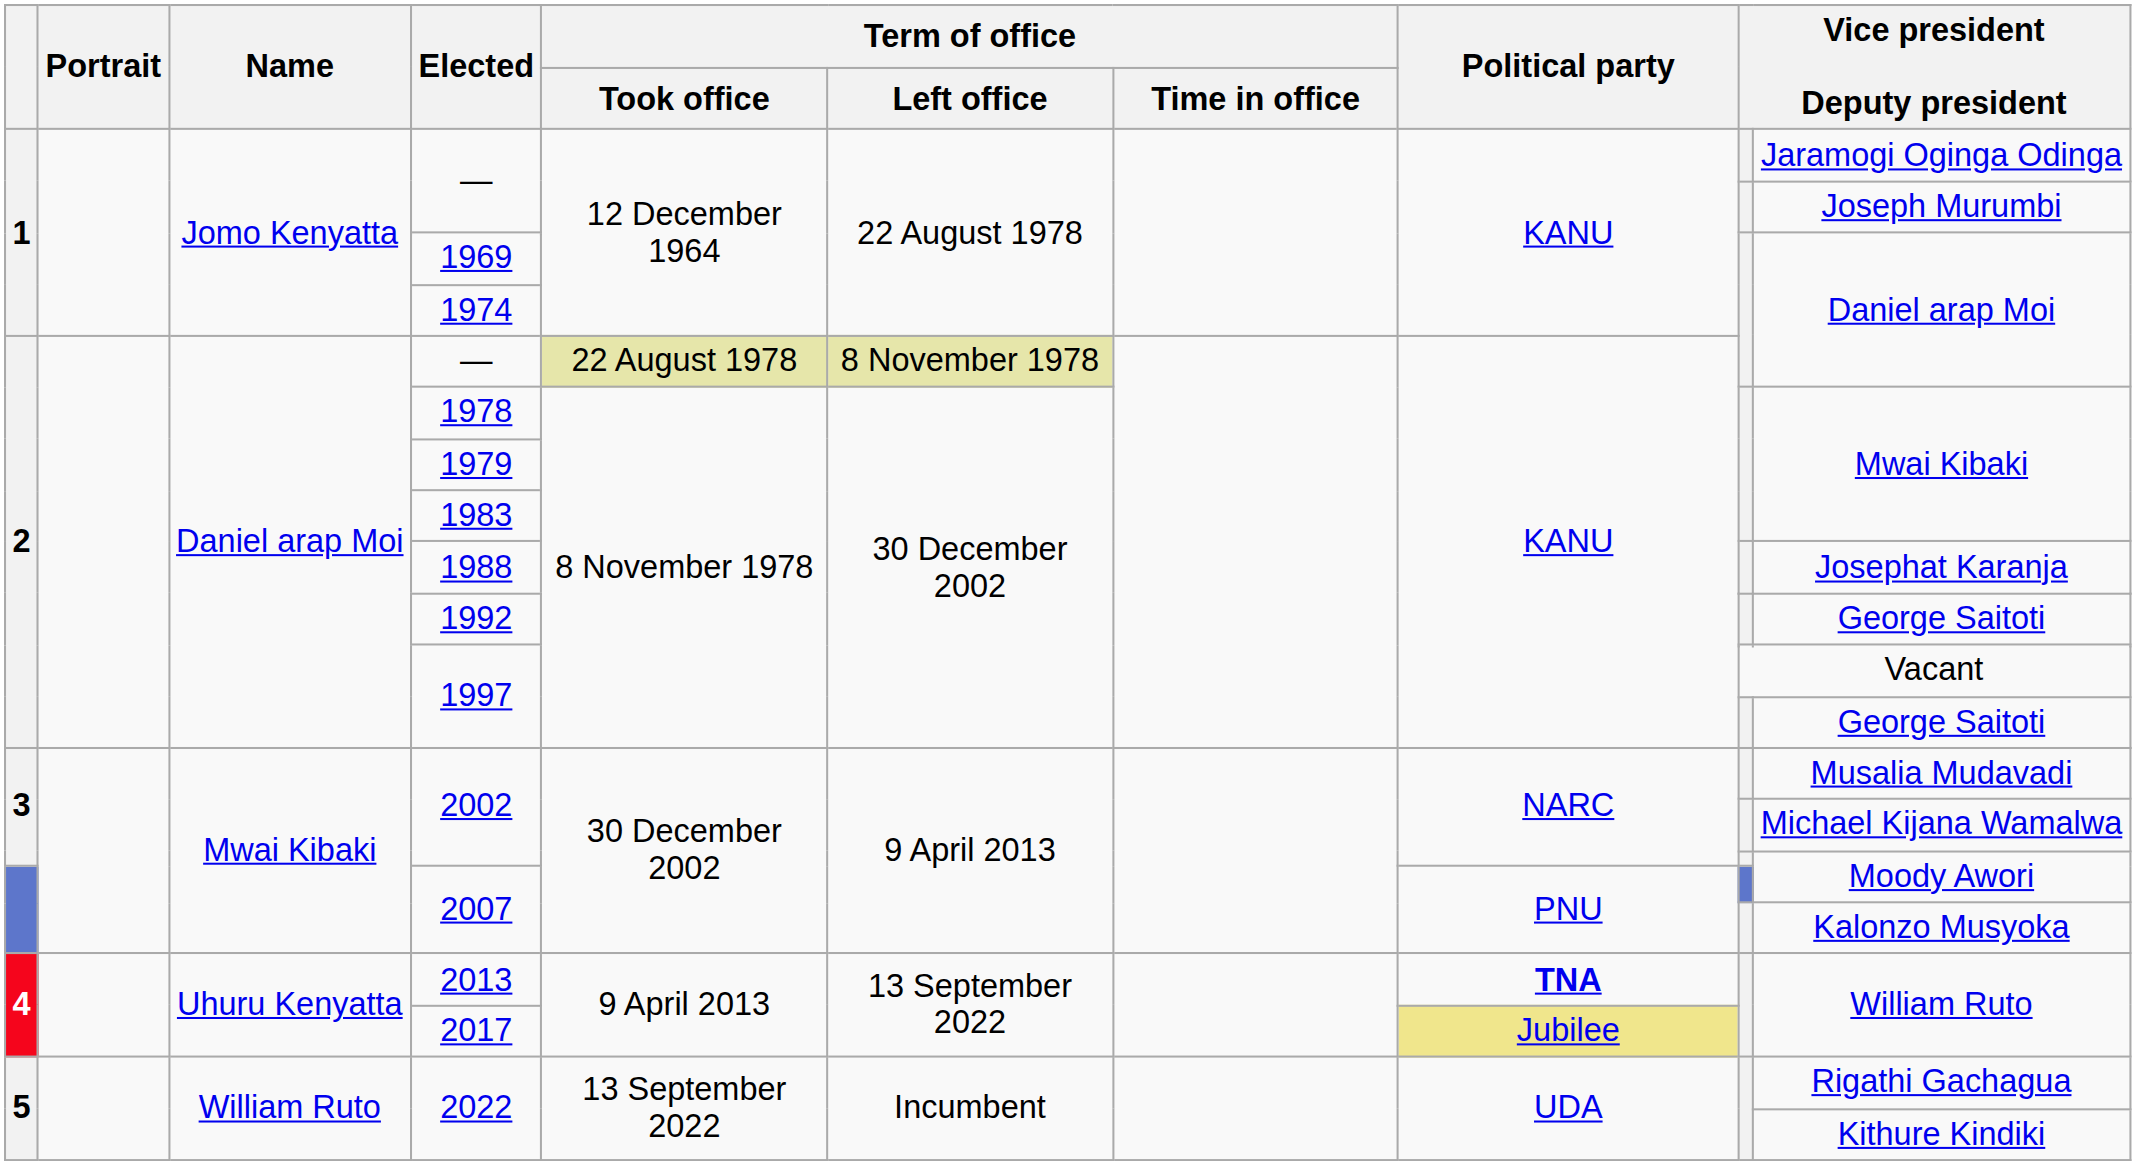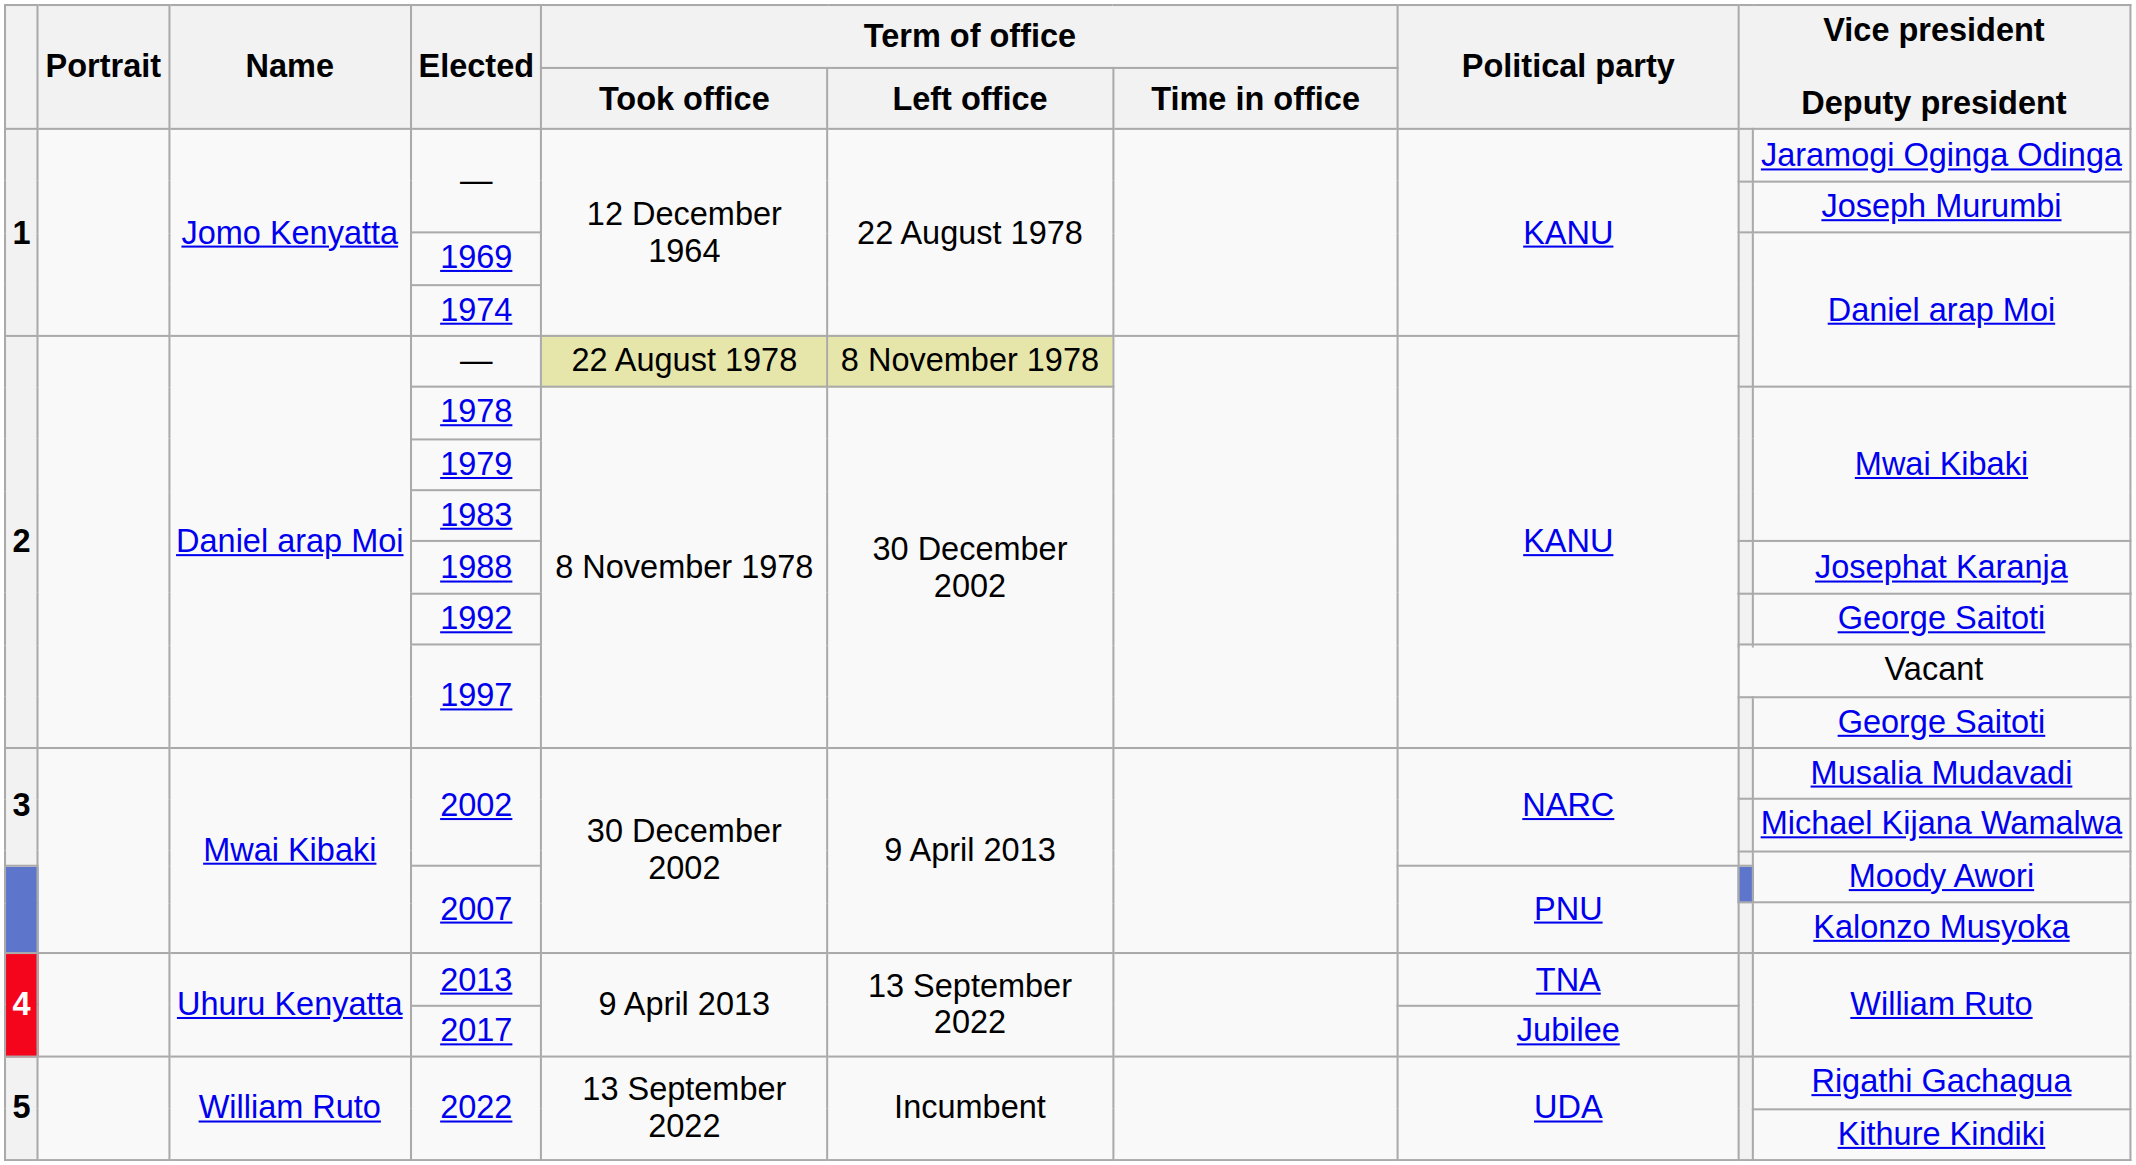 <table class="wikitable" style="text-align:center;">
 <tr>
 <th rowspan="2"></th>
 <th rowspan="2">Portrait</th>
 <th rowspan="2">Name<br></th>
 <th rowspan="2">Elected</th>
 <th colspan="3">Term of office</th>
 <th rowspan="2" style="width: 120pt;">Political party</th>
 <th colspan="2" rowspan="2" style="width: 100pt;">Vice president<br><br>Deputy president<br></th>
 </tr>
 <tr>
 <th style="width: 100pt;">Took office</th>
 <th style="width: 100pt;">Left office</th>
 <th style="width: 100pt;">Time in office</th>
 </tr>
 <tr>
 <th rowspan="5" style="background:">1</th>
 <td rowspan="5"></td>
 <td rowspan="5"><a href='#'>Jomo Kenyatta</a><br></td>
 <td rowspan="3">—</td>
 <td rowspan="5">12 December 1964</td>
 <td rowspan="5">22 August 1978</td>
 <td rowspan="5"></td>
 <td rowspan="5"><a href='#'>KANU</a></td>
 <th style="background:"></th>
 <td><a href='#'>Jaramogi Oginga Odinga</a></td>
 </tr>
 <tr>
 <th style="background:"></th>
 <td><a href='#'>Joseph Murumbi</a></td>
 </tr>
 <tr>
 <th rowspan="4" style="background:"></th>
 <td rowspan="4"><a href='#'>Daniel arap Moi</a></td>
 </tr>
 <tr>
 <td><a href='#'>1969</a></td>
 </tr>
 <tr>
 <td><a href='#'>1974</a></td>
 </tr>
 <tr>
 <th rowspan="11" style="background:">2</th>
 <td rowspan="11"></td>
 <td rowspan="11"><a href='#'>Daniel arap Moi</a><br></td>
 <td>—</td>
 <td style="background:#e6e6aa;">22 August 1978</td>
 <td style="background:#e6e6aa;">8 November 1978</td>
 <td rowspan="11"></td>
 <td rowspan="11"><a href='#'>KANU</a></td>
 </tr>
 <tr>
 <td><a href='#'>1978</a></td>
 <td rowspan="10">8 November 1978</td>
 <td rowspan="10">30 December 2002</td>
 <th rowspan="3" style="background:"></th>
 <td rowspan="3"><a href='#'>Mwai Kibaki</a></td>
 </tr>
 <tr>
 <td><a href='#'>1979</a></td>
 </tr>
 <tr>
 <td><a href='#'>1983</a></td>
 </tr>
 <tr>
 <td rowspan="2"><a href='#'>1988</a></td>
 <th rowspan="1" style="background:"></th>
 <td rowspan="1"><a href='#'>Josephat Karanja</a></td>
 </tr>
 <tr>
 <th rowspan="3" style="background:"></th>
 <td rowspan="3"><a href='#'>George Saitoti</a></td>
 </tr>
 <tr>
 <td><a href='#'>1992</a></td>
 </tr>
 <tr>
 <td rowspan="4"><a href='#'>1997</a></td>
 </tr>
 <tr>
 <td colspan="2" rowspan="1">Vacant</td>
 </tr>
 <tr>
 <th rowspan="1" style="background:"></th>
 <td rowspan="1"><a href='#'>George Saitoti</a></td>
 </tr>
 <tr>
 <th rowspan="2" style="background:"></th>
 <td rowspan="2"><a href='#'>Musalia Mudavadi</a></td>
 </tr>
 <tr>
 <th rowspan="3" style="background:">3</th>
 <td rowspan="5"></td>
 <td rowspan="5"><a href='#'>Mwai Kibaki</a><br></td>
 <td rowspan="3"><a href='#'>2002</a></td>
 <td rowspan="5">30 December 2002</td>
 <td rowspan="5">9 April 2013</td>
 <td rowspan="5"></td>
 <td rowspan="3"><a href='#'>NARC</a><br></td>
 </tr>
 <tr>
 <th rowspan="1" style="background:"></th>
 <td rowspan="1"><a href='#'>Michael Kijana Wamalwa</a></td>
 </tr>
 <tr>
 <th rowspan="1" style="background:"></th>
 <td rowspan="2"><a href='#'>Moody Awori</a></td>
 </tr>
 <tr>
 <th rowspan="2" style="background:#5D76CB"></th>
 <td rowspan="2"><a href='#'>2007</a></td>
 <td rowspan="2"><a href='#'>PNU</a></td>
 <th rowspan="1" style="background:#5D76CB"></th>
 </tr>
 <tr>
 <th rowspan="1" style="background:"></th>
 <td rowspan="1"><a href='#'>Kalonzo Musyoka</a></td>
 </tr>
 <tr>
 <th rowspan="2" style="background:#F5051c; color:white;">4</th>
 <td rowspan="2"></td>
 <td rowspan="2"><a href='#'>Uhuru Kenyatta</a><br></td>
 <td><a href='#'>2013</a></td>
 <td rowspan="2">9 April 2013</td>
 <td rowspan="2">13 September 2022</td>
 <td rowspan="2"></td>
-<td rowspan="1"><strong><a href='#'>TNA</a><br></strong></td>
+<td rowspan="1"><a href='#'>TNA</a><br></td>
 <th rowspan="2" style="background:"></th>
 <td rowspan="2"><a href='#'>William Ruto</a></td>
 </tr>
 <tr>
 <td><a href='#'>2017</a></td>
-<td rowspan="1" style="background: khaki;"><a href='#'>Jubilee</a></td>
+<td rowspan="1"><a href='#'>Jubilee</a></td>
 </tr>
 <tr>
 <th rowspan="2" style="background:">5</th>
 <td rowspan="2"></td>
 <td rowspan="2"><a href='#'>William Ruto</a><br></td>
 <td rowspan="2"><a href='#'>2022</a></td>
 <td rowspan="2">13 September 2022</td>
 <td rowspan="2">Incumbent</td>
 <td rowspan="2"></td>
 <td rowspan="2"><a href='#'>UDA</a></td>
 <th rowspan="2" style="background:"></th>
 <td><a href='#'>Rigathi Gachagua</a></td>
 </tr>
 <tr>
 <td><a href='#'>Kithure Kindiki</a></td>
 </tr>
 </table>
